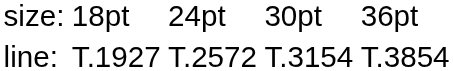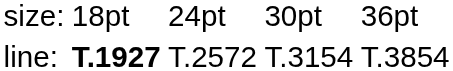 <table style="margin-left:40px;">
 <tr>
 <td>size:</td>
 <td>18pt</td>
 <td>24pt</td>
 <td>30pt</td>
 <td>36pt</td>
 </tr>
 <tr>
 <td>line:</td>
-<td>T.1927</td>
+<td><strong>T.1927</strong></td>
 <td>T.2572</td>
 <td>T.3154</td>
 <td>T.3854</td>
 </tr>
 </table>
